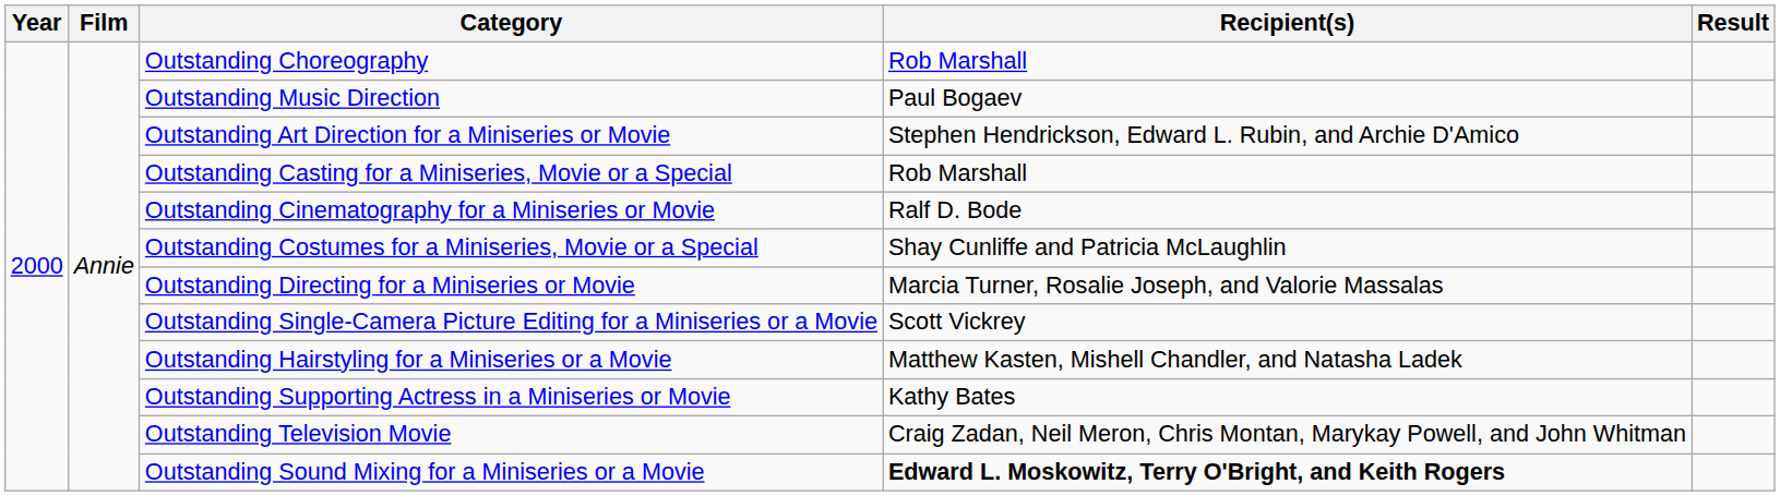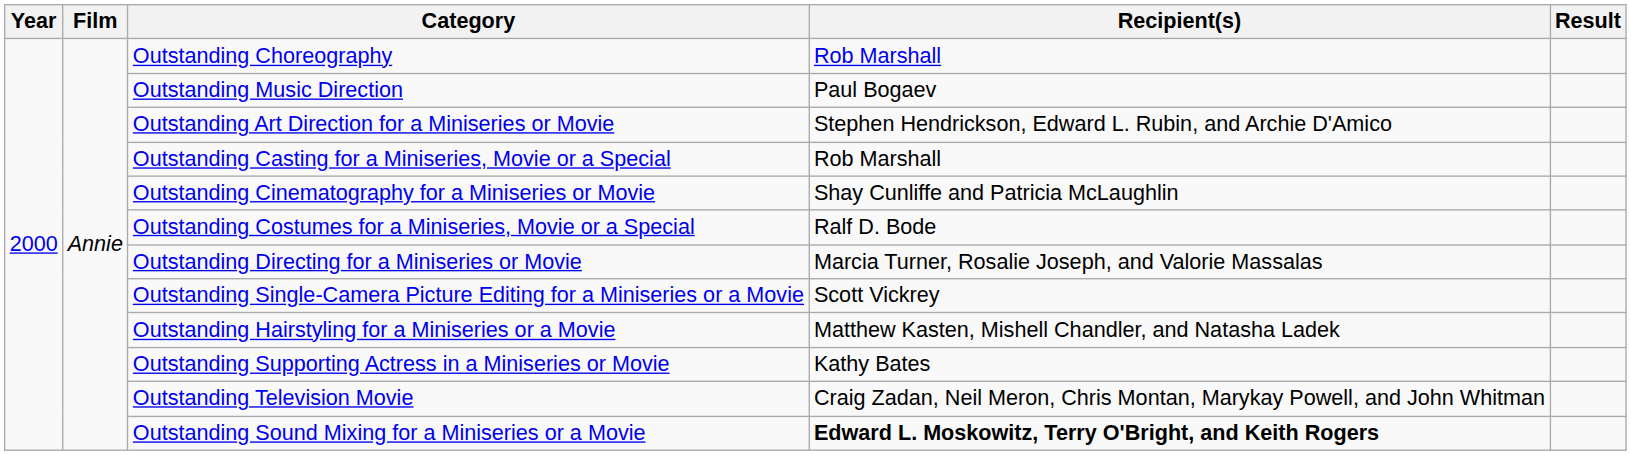 <table class="wikitable sortable">
 <tr>
 <th>Year</th>
 <th>Film</th>
 <th>Category</th>
 <th>Recipient(s)</th>
 <th>Result</th>
 </tr>
 <tr>
 <td rowspan=12><a href='#'>2000</a></td>
 <td rowspan=12><em>Annie</em></td>
 <td><a href='#'>Outstanding Choreography</a></td>
 <td><a href='#'>Rob Marshall</a></td>
 <td></td>
 </tr>
 <tr>
 <td><a href='#'>Outstanding Music Direction</a></td>
 <td>Paul Bogaev</td>
 <td></td>
 </tr>
 <tr>
 <td><a href='#'>Outstanding Art Direction for a Miniseries or Movie</a></td>
 <td>Stephen Hendrickson, Edward L. Rubin, and Archie D'Amico</td>
 <td></td>
 </tr>
 <tr>
 <td><a href='#'>Outstanding Casting for a Miniseries, Movie or a Special</a></td>
 <td>Rob Marshall</td>
 <td></td>
 </tr>
 <tr>
 <td><a href='#'>Outstanding Cinematography for a Miniseries or Movie</a></td>
-<td>Ralf D. Bode</td>
+<td>Shay Cunliffe and Patricia McLaughlin</td>
 <td></td>
 </tr>
 <tr>
 <td><a href='#'>Outstanding Costumes for a Miniseries, Movie or a Special</a></td>
-<td>Shay Cunliffe and Patricia McLaughlin</td>
+<td>Ralf D. Bode</td>
 <td></td>
 </tr>
 <tr>
 <td><a href='#'>Outstanding Directing for a Miniseries or Movie</a></td>
 <td>Marcia Turner, Rosalie Joseph, and Valorie Massalas</td>
 <td></td>
 </tr>
 <tr>
 <td><a href='#'>Outstanding Single-Camera Picture Editing for a Miniseries or a Movie</a></td>
 <td>Scott Vickrey</td>
 <td></td>
 </tr>
 <tr>
 <td><a href='#'>Outstanding Hairstyling for a Miniseries or a Movie</a></td>
 <td>Matthew Kasten, Mishell Chandler, and Natasha Ladek</td>
 <td></td>
 </tr>
 <tr>
 <td><a href='#'>Outstanding Supporting Actress in a Miniseries or Movie</a></td>
 <td>Kathy Bates</td>
 <td></td>
 </tr>
 <tr>
 <td><a href='#'>Outstanding Television Movie</a></td>
 <td>Craig Zadan, Neil Meron, Chris Montan, Marykay Powell, and John Whitman</td>
 <td></td>
 </tr>
 <tr>
 <td><a href='#'>Outstanding Sound Mixing for a Miniseries or a Movie</a></td>
 <td><strong>Edward L. Moskowitz, Terry O'Bright, and Keith Rogers</strong></td>
 <td></td>
 </tr>
 </table>
